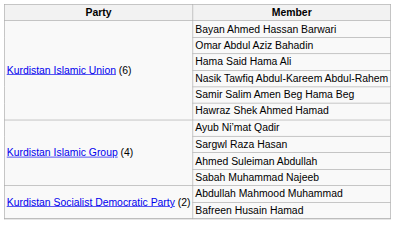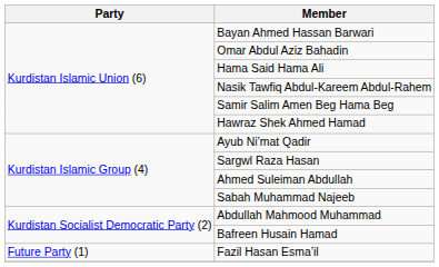 <table class=wikitable>
 <tr>
 <th>Party</th>
 <th>Member</th>
 </tr>
 <tr>
 <td rowspan=6><a href='#'>Kurdistan Islamic Union</a> (6)</td>
 <td>Bayan Ahmed Hassan Barwari</td>
 </tr>
 <tr>
 <td>Omar Abdul Aziz Bahadin</td>
 </tr>
 <tr>
 <td>Hama Said Hama Ali</td>
 </tr>
 <tr>
 <td>Nasik Tawfiq Abdul-Kareem Abdul-Rahem</td>
 </tr>
 <tr>
 <td>Samir Salim Amen Beg Hama Beg</td>
 </tr>
 <tr>
 <td>Hawraz Shek Ahmed Hamad</td>
 </tr>
 <tr>
 <td rowspan=4><a href='#'>Kurdistan Islamic Group</a> (4)</td>
 <td>Ayub Ni’mat Qadir</td>
 </tr>
 <tr>
 <td>Sargwl Raza Hasan</td>
 </tr>
 <tr>
 <td>Ahmed Suleiman Abdullah</td>
 </tr>
 <tr>
 <td>Sabah Muhammad Najeeb</td>
 </tr>
 <tr>
 <td rowspan=2><a href='#'>Kurdistan Socialist Democratic Party</a> (2)</td>
 <td>Abdullah Mahmood Muhammad</td>
 </tr>
 <tr>
 <td>Bafreen Husain Hamad</td>
 </tr>
 <tr>
+<td rowspan=1><a href='#'>Future Party</a> (1)</td>
+<td>Fazil Hasan Esma’il</td>
+</tr>
+<tr>
 </tr>
 </table>
